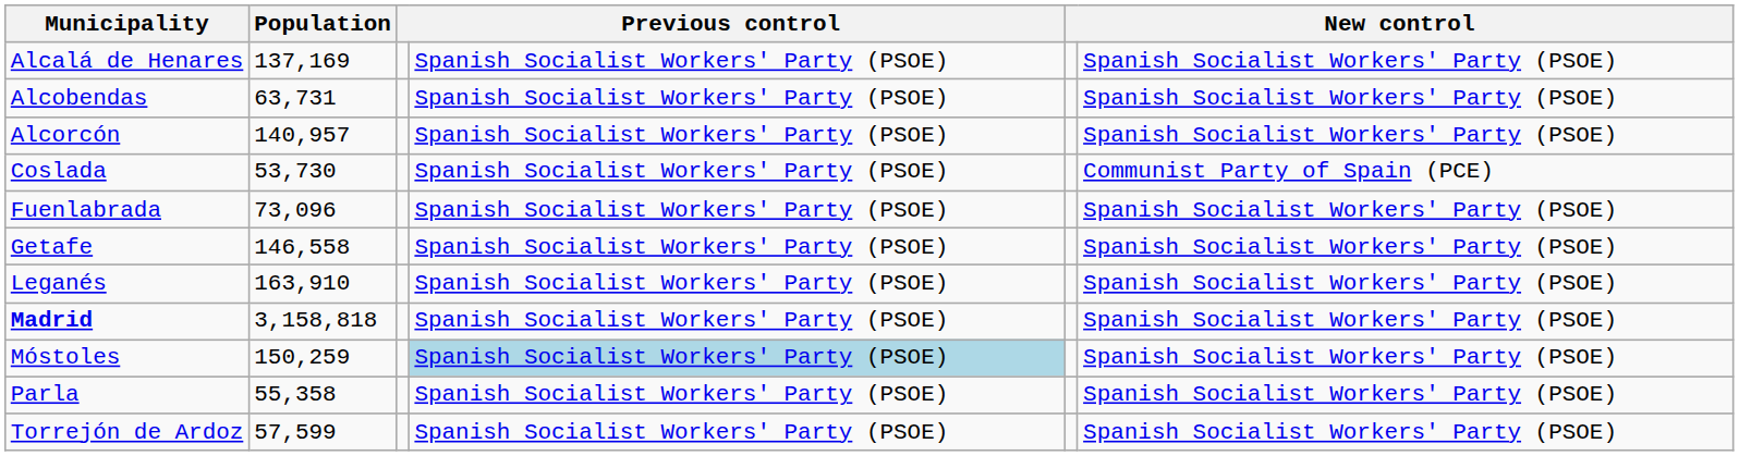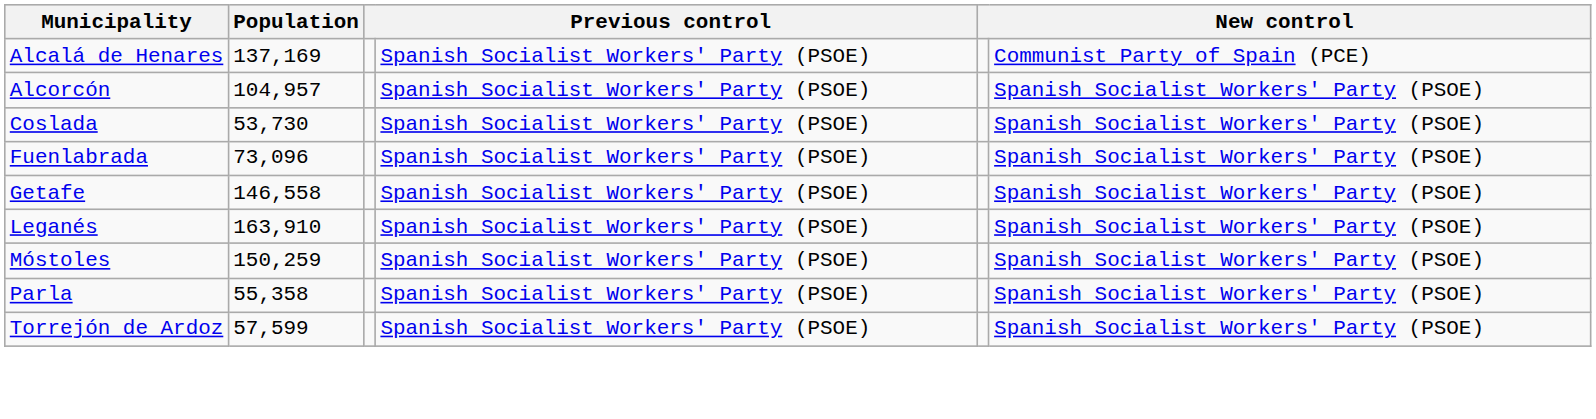 <table class="wikitable sortable">
 <tr>
 <th>Municipality</th>
 <th>Population</th>
 <th colspan="2" style="width:375px;">Previous control</th>
 <th colspan="2" style="width:375px;">New control</th>
 </tr>
 <tr>
 <td><a href='#'>Alcalá de Henares</a></td>
 <td>137,169</td>
 <td width="1" style="color:inherit;background:"></td>
 <td><a href='#'>Spanish Socialist Workers' Party</a> (PSOE)</td>
 <td width="1" style="color:inherit;background:"></td>
-<td><a href='#'>Spanish Socialist Workers' Party</a> (PSOE)</td>
-</tr>
-<tr>
-<td><a href='#'>Alcobendas</a></td>
-<td>63,731</td>
-<td style="color:inherit;background:"></td>
-<td><a href='#'>Spanish Socialist Workers' Party</a> (PSOE)</td>
-<td style="color:inherit;background:"></td>
-<td><a href='#'>Spanish Socialist Workers' Party</a> (PSOE)</td>
+<td><a href='#'>Communist Party of Spain</a> (PCE)</td>
 </tr>
 <tr>
 <td><a href='#'>Alcorcón</a></td>
-<td>140,957</td>
+<td>104,957</td>
 <td style="color:inherit;background:"></td>
 <td><a href='#'>Spanish Socialist Workers' Party</a> (PSOE)</td>
 <td style="color:inherit;background:"></td>
 <td><a href='#'>Spanish Socialist Workers' Party</a> (PSOE)</td>
 </tr>
 <tr>
 <td><a href='#'>Coslada</a></td>
 <td>53,730</td>
 <td style="color:inherit;background:"></td>
 <td><a href='#'>Spanish Socialist Workers' Party</a> (PSOE)</td>
 <td style="color:inherit;background:"></td>
-<td><a href='#'>Communist Party of Spain</a> (PCE)</td>
+<td><a href='#'>Spanish Socialist Workers' Party</a> (PSOE)</td>
 </tr>
 <tr>
 <td><a href='#'>Fuenlabrada</a></td>
 <td>73,096</td>
 <td style="color:inherit;background:"></td>
 <td><a href='#'>Spanish Socialist Workers' Party</a> (PSOE)</td>
 <td style="color:inherit;background:"></td>
 <td><a href='#'>Spanish Socialist Workers' Party</a> (PSOE)</td>
 </tr>
 <tr>
 <td><a href='#'>Getafe</a></td>
 <td>146,558</td>
 <td style="color:inherit;background:"></td>
 <td><a href='#'>Spanish Socialist Workers' Party</a> (PSOE)</td>
 <td style="color:inherit;background:"></td>
 <td><a href='#'>Spanish Socialist Workers' Party</a> (PSOE)</td>
 </tr>
 <tr>
 <td><a href='#'>Leganés</a></td>
 <td>163,910</td>
 <td style="color:inherit;background:"></td>
 <td><a href='#'>Spanish Socialist Workers' Party</a> (PSOE)</td>
 <td style="color:inherit;background:"></td>
 <td><a href='#'>Spanish Socialist Workers' Party</a> (PSOE)</td>
 </tr>
 <tr>
-<td><strong><a href='#'>Madrid</a></strong></td>
-<td>3,158,818</td>
-<td style="color:inherit;background:"></td>
-<td><a href='#'>Spanish Socialist Workers' Party</a> (PSOE)</td>
-<td style="color:inherit;background:"></td>
-<td><a href='#'>Spanish Socialist Workers' Party</a> (PSOE)</td>
-</tr>
-<tr>
 <td><a href='#'>Móstoles</a></td>
 <td>150,259</td>
 <td style="color:inherit;background:"></td>
-<td style="background: lightblue;"><a href='#'>Spanish Socialist Workers' Party</a> (PSOE)</td>
+<td><a href='#'>Spanish Socialist Workers' Party</a> (PSOE)</td>
 <td style="color:inherit;background:"></td>
 <td><a href='#'>Spanish Socialist Workers' Party</a> (PSOE)</td>
 </tr>
 <tr>
 <td><a href='#'>Parla</a></td>
 <td>55,358</td>
 <td style="color:inherit;background:"></td>
 <td><a href='#'>Spanish Socialist Workers' Party</a> (PSOE)</td>
 <td style="color:inherit;background:"></td>
 <td><a href='#'>Spanish Socialist Workers' Party</a> (PSOE)</td>
 </tr>
 <tr>
 <td><a href='#'>Torrejón de Ardoz</a></td>
 <td>57,599</td>
 <td style="color:inherit;background:"></td>
 <td><a href='#'>Spanish Socialist Workers' Party</a> (PSOE)</td>
 <td style="color:inherit;background:"></td>
 <td><a href='#'>Spanish Socialist Workers' Party</a> (PSOE)</td>
 </tr>
 </table>
